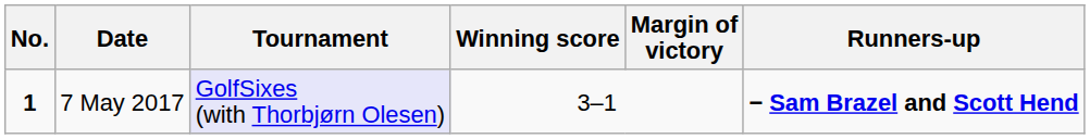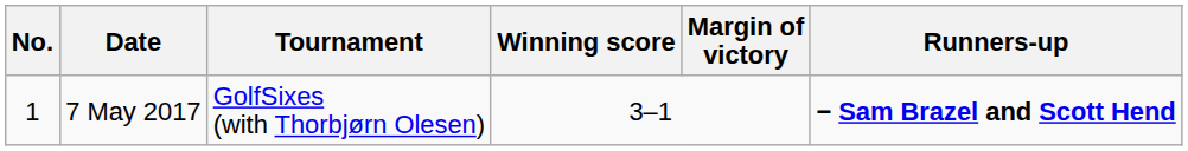 <table class="wikitable" style="font-size:95%;">
 <tr>
 <th>No.</th>
 <th>Date</th>
 <th>Tournament</th>
 <th>Winning score</th>
 <th>Margin of<br>victory</th>
 <th>Runners-up</th>
 </tr>
 <tr>
-<td align=center><strong>1</strong></td>
+<td align=center>1</td>
 <td align=right>7 May 2017</td>
-<td style="background: lavender;"><a href='#'>GolfSixes</a><br>(with  <a href='#'>Thorbjørn Olesen</a>)</td>
+<td><a href='#'>GolfSixes</a><br>(with  <a href='#'>Thorbjørn Olesen</a>)</td>
 <td colspan="2" style="text-align:center;">3–1</td>
 <td><strong> − <a href='#'>Sam Brazel</a> and <a href='#'>Scott Hend</a></strong></td>
 </tr>
 </table>
